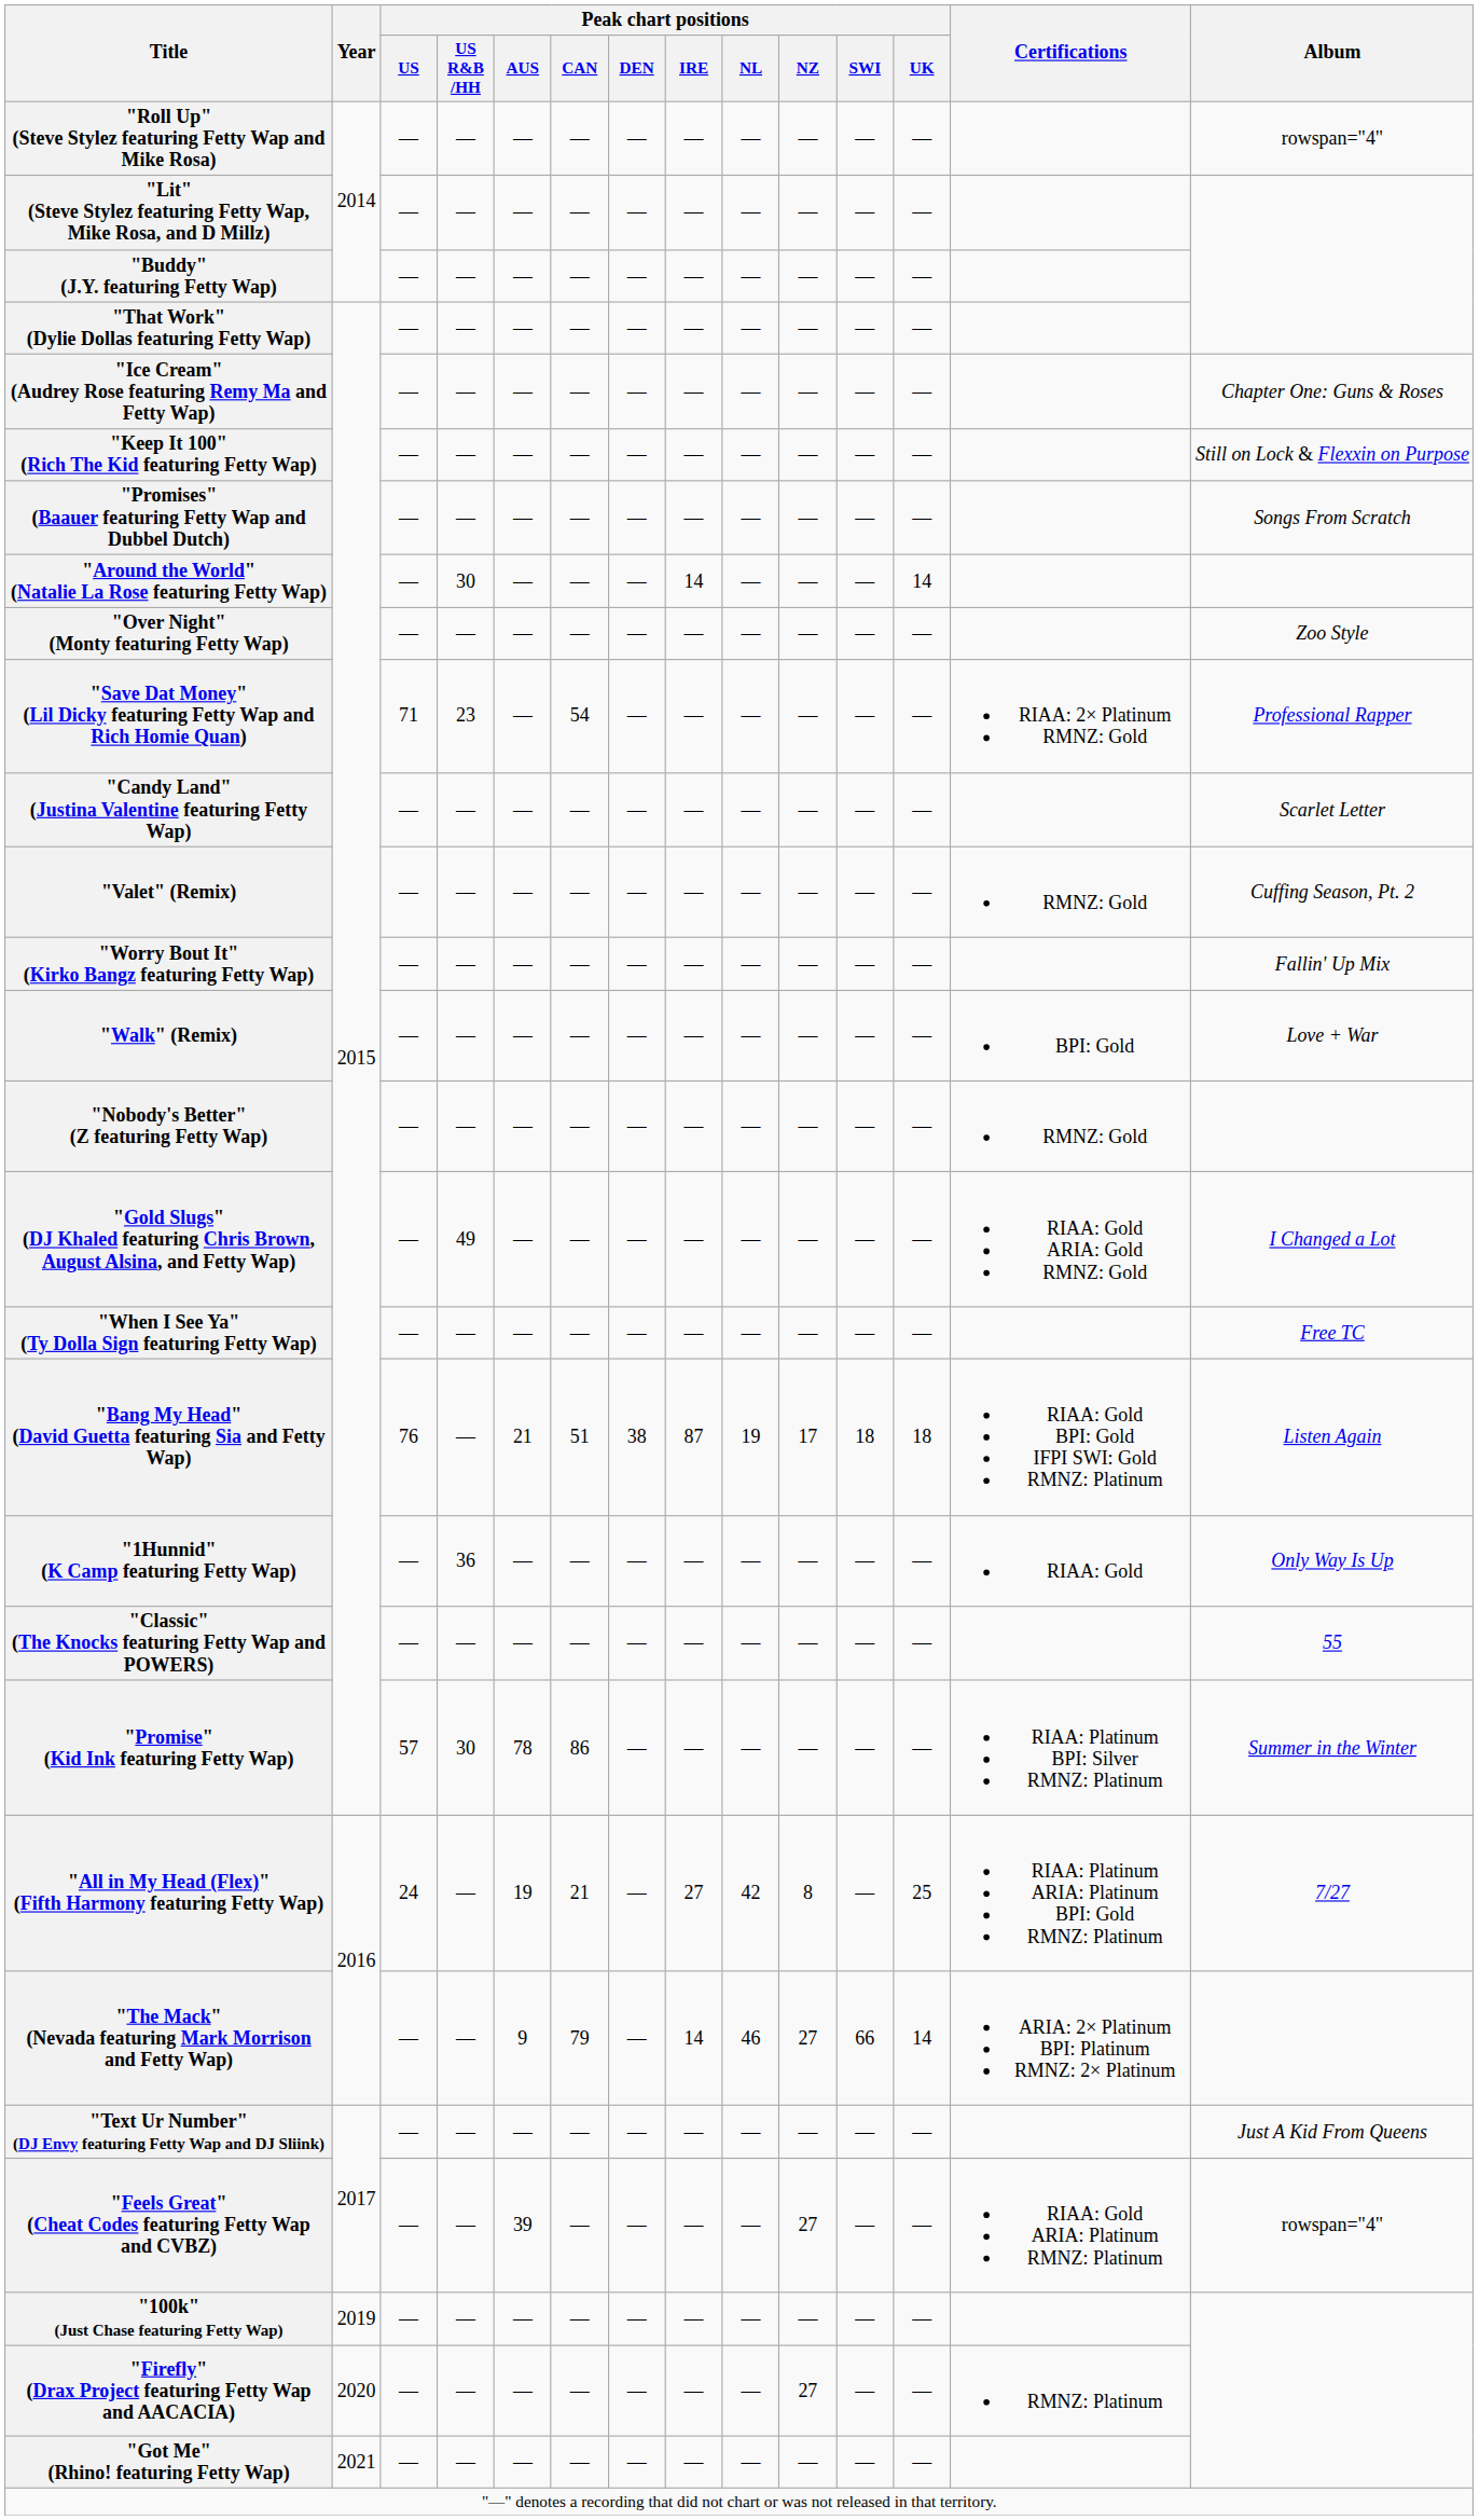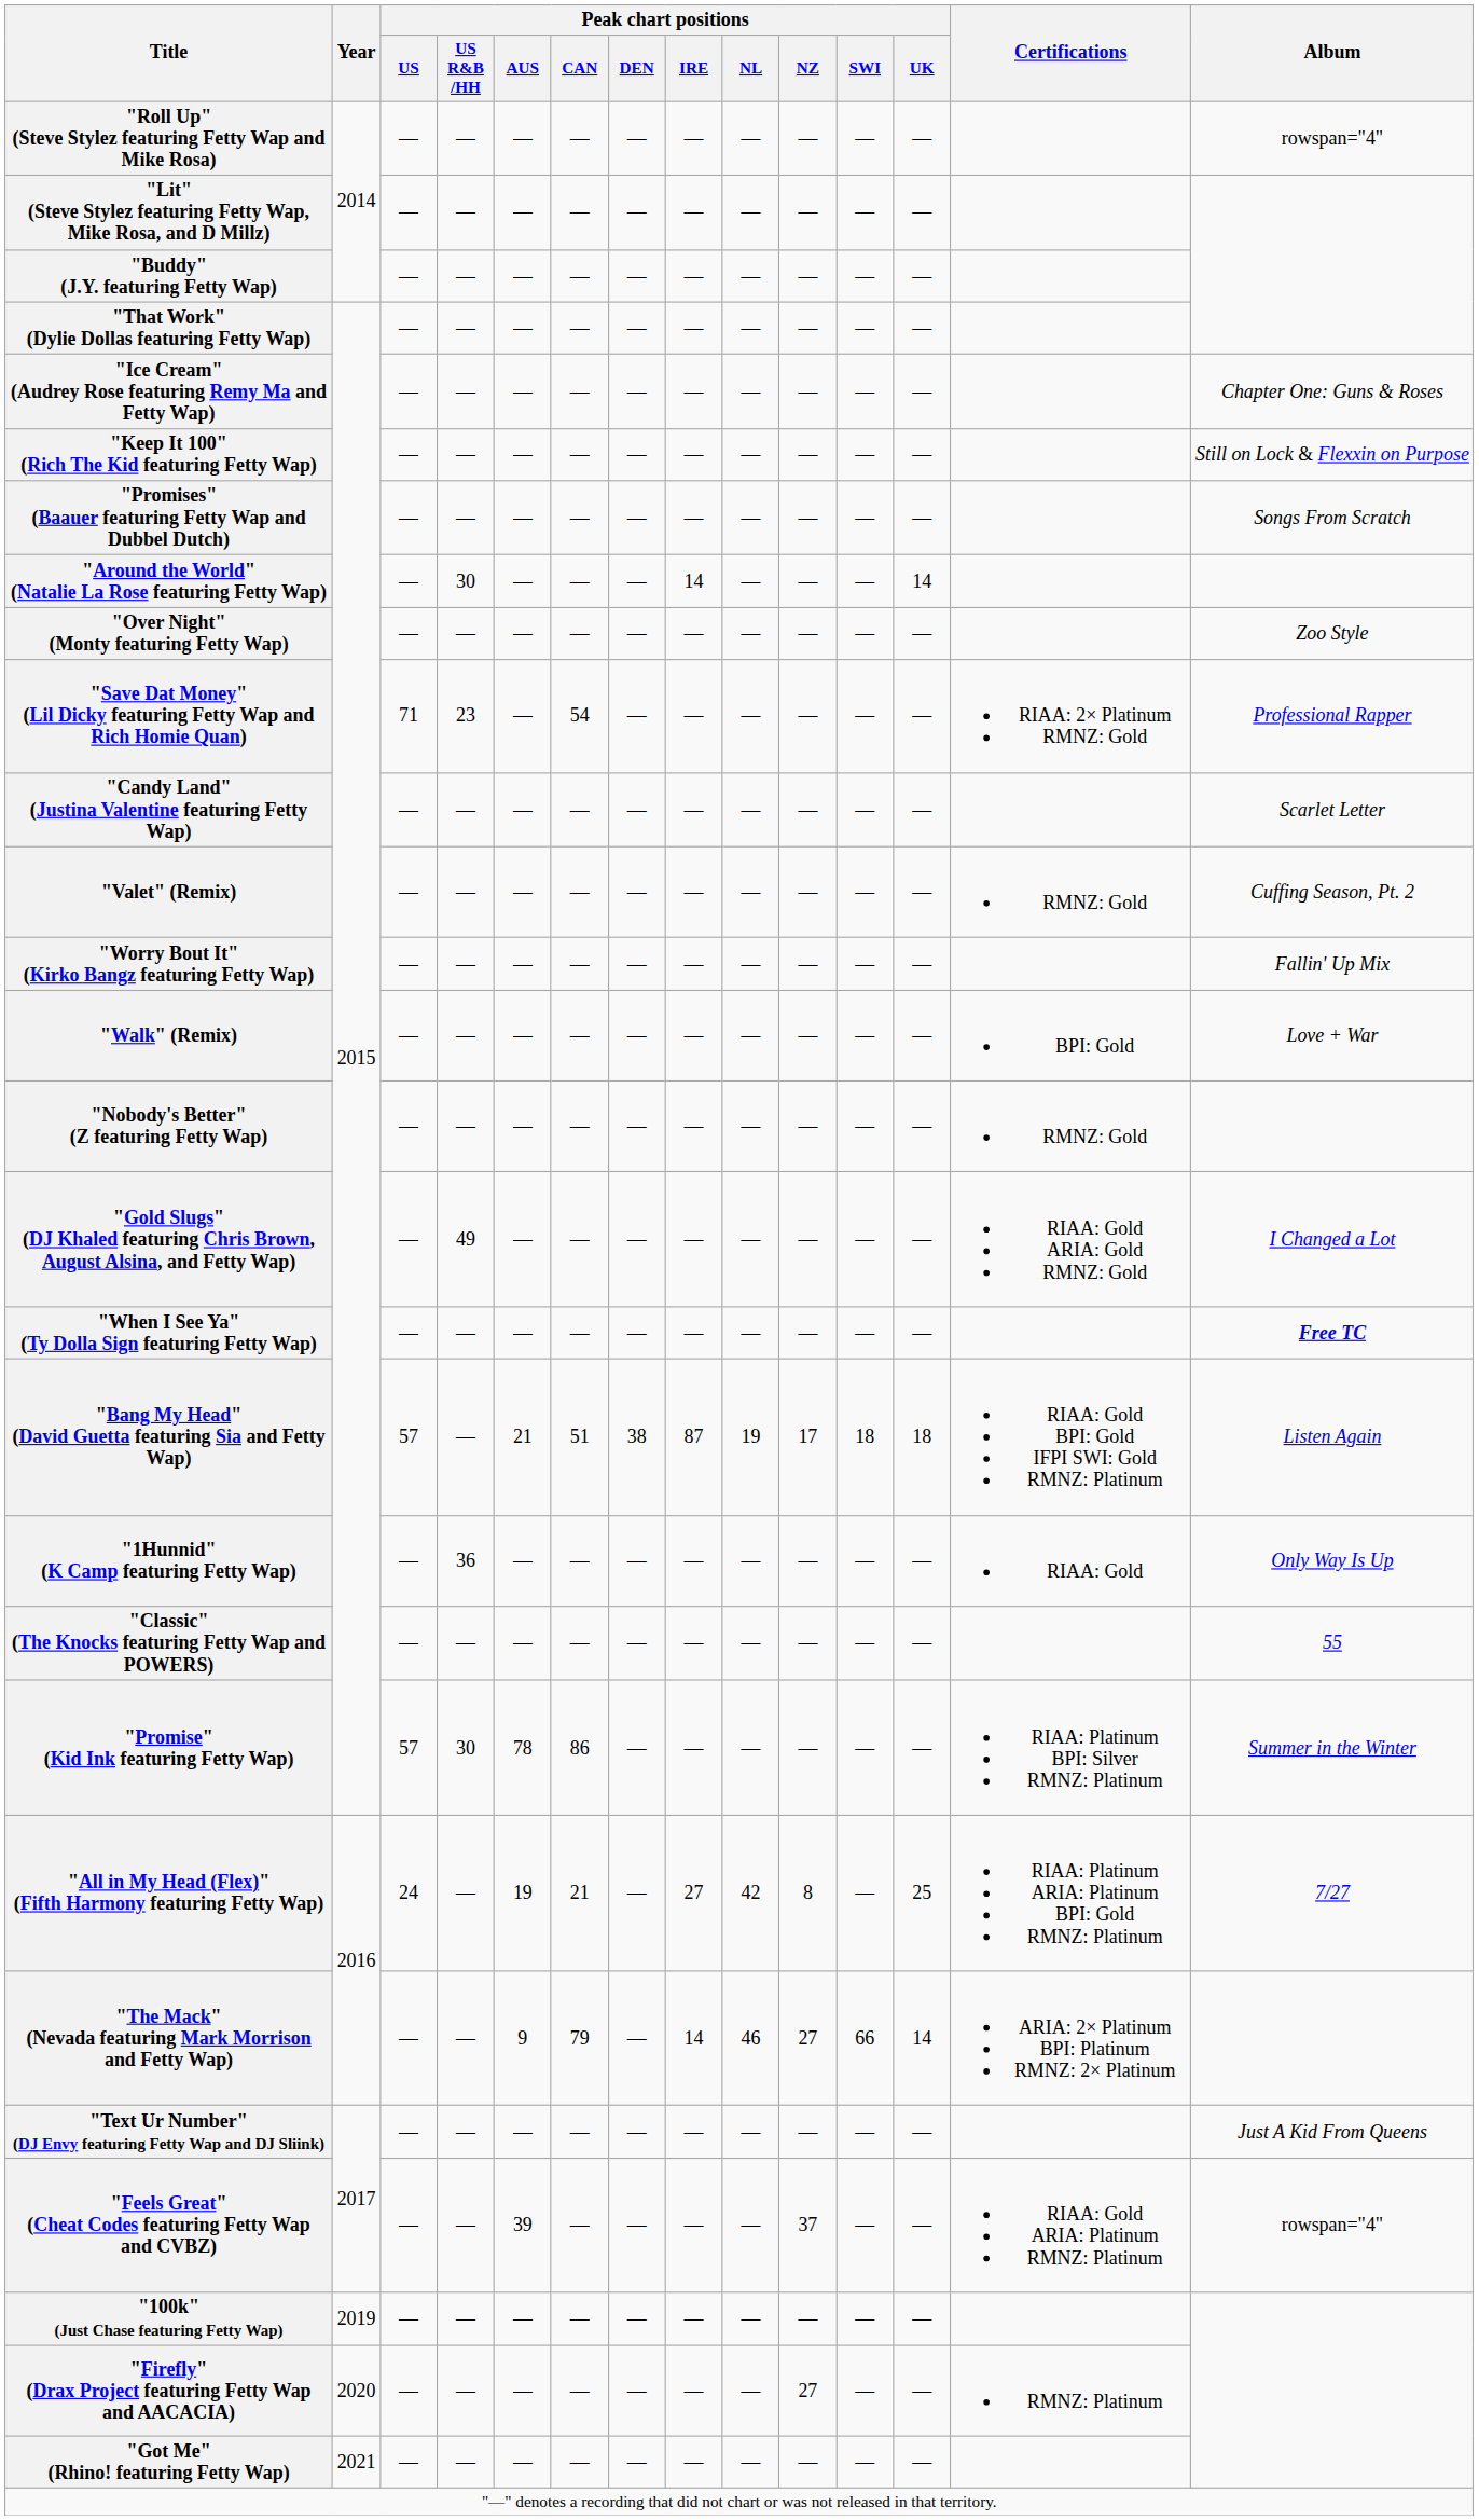 <table class="wikitable plainrowheaders" style="text-align:center;">
 <tr>
 <th scope="col" rowspan="2" style="width:16.5em">Title</th>
 <th scope="col" rowspan="2" style="width:1em">Year</th>
 <th scope="col" colspan="10">Peak chart positions</th>
 <th scope="col" rowspan="2" style="width:12em;"><a href='#'>Certifications</a></th>
 <th scope="col" rowspan="2">Album</th>
 </tr>
 <tr>
 <th scope="col" style="width:3em;font-size:85%;"><a href='#'>US</a><br></th>
 <th scope="col" style="width:3em;font-size:85%;"><a href='#'>US<br>R&B<br>/HH</a><br></th>
 <th scope="col" style="width:3em;font-size:85%;"><a href='#'>AUS</a><br></th>
 <th scope="col" style="width:3em;font-size:85%;"><a href='#'>CAN</a><br></th>
 <th scope="col" style="width:3em;font-size:85%;"><a href='#'>DEN</a><br></th>
 <th scope="col" style="width:3em;font-size:85%;"><a href='#'>IRE</a><br></th>
 <th scope="col" style="width:3em;font-size:85%;"><a href='#'>NL</a><br></th>
 <th scope="col" style="width:3em;font-size:85%;"><a href='#'>NZ</a><br></th>
 <th scope="col" style="width:3em;font-size:85%;"><a href='#'>SWI</a><br></th>
 <th scope="col" style="width:3em;font-size:85%;"><a href='#'>UK</a><br></th>
 </tr>
 <tr>
 <th scope="row">"Roll Up"<br><span>(Steve Stylez featuring Fetty Wap and Mike Rosa)</span></th>
 <td rowspan="3">2014</td>
 <td>—</td>
 <td>—</td>
 <td>—</td>
 <td>—</td>
 <td>—</td>
 <td>—</td>
 <td>—</td>
 <td>—</td>
 <td>—</td>
 <td>—</td>
 <td></td>
 <td>rowspan="4" </td>
 </tr>
 <tr>
 <th scope="row">"Lit"<br><span>(Steve Stylez featuring Fetty Wap, Mike Rosa, and D Millz)</span></th>
 <td>—</td>
 <td>—</td>
 <td>—</td>
 <td>—</td>
 <td>—</td>
 <td>—</td>
 <td>—</td>
 <td>—</td>
 <td>—</td>
 <td>—</td>
 <td></td>
 </tr>
 <tr>
 <th scope="row">"Buddy"<br><span>(J.Y. featuring Fetty Wap)</span></th>
 <td>—</td>
 <td>—</td>
 <td>—</td>
 <td>—</td>
 <td>—</td>
 <td>—</td>
 <td>—</td>
 <td>—</td>
 <td>—</td>
 <td>—</td>
 <td></td>
 </tr>
 <tr>
 <th scope="row">"That Work"<br><span>(Dylie Dollas featuring Fetty Wap)</span></th>
 <td rowspan="18">2015</td>
 <td>—</td>
 <td>—</td>
 <td>—</td>
 <td>—</td>
 <td>—</td>
 <td>—</td>
 <td>—</td>
 <td>—</td>
 <td>—</td>
 <td>—</td>
 <td></td>
 </tr>
 <tr>
 <th scope="row">"Ice Cream"<br><span>(Audrey Rose featuring <a href='#'>Remy Ma</a> and Fetty Wap)</span></th>
 <td>—</td>
 <td>—</td>
 <td>—</td>
 <td>—</td>
 <td>—</td>
 <td>—</td>
 <td>—</td>
 <td>—</td>
 <td>—</td>
 <td>—</td>
 <td></td>
 <td><em>Chapter One: Guns & Roses</em></td>
 </tr>
 <tr>
 <th scope="row">"Keep It 100"<br><span>(<a href='#'>Rich The Kid</a> featuring Fetty Wap)</span></th>
 <td>—</td>
 <td>—</td>
 <td>—</td>
 <td>—</td>
 <td>—</td>
 <td>—</td>
 <td>—</td>
 <td>—</td>
 <td>—</td>
 <td>—</td>
 <td></td>
 <td><em>Still on Lock</em> & <em><a href='#'>Flexxin on Purpose</a></em></td>
 </tr>
 <tr>
 <th scope="row">"Promises"<br><span>(<a href='#'>Baauer</a> featuring Fetty Wap and Dubbel Dutch)</span></th>
 <td>—</td>
 <td>—</td>
 <td>—</td>
 <td>—</td>
 <td>—</td>
 <td>—</td>
 <td>—</td>
 <td>—</td>
 <td>—</td>
 <td>—</td>
 <td></td>
 <td><em>Songs From Scratch</em></td>
 </tr>
 <tr>
 <th scope="row">"<a href='#'>Around the World</a>"<br><span>(<a href='#'>Natalie La Rose</a> featuring Fetty Wap)</span></th>
 <td>—</td>
 <td>30</td>
 <td>—</td>
 <td>—</td>
 <td>—</td>
 <td>14</td>
 <td>—</td>
 <td>—</td>
 <td>—</td>
 <td>14</td>
 <td></td>
 <td></td>
 </tr>
 <tr>
 <th scope="row">"Over Night"<br><span>(Monty featuring Fetty Wap)</span></th>
 <td>—</td>
 <td>—</td>
 <td>—</td>
 <td>—</td>
 <td>—</td>
 <td>—</td>
 <td>—</td>
 <td>—</td>
 <td>—</td>
 <td>—</td>
 <td></td>
 <td><em>Zoo Style</em></td>
 </tr>
 <tr>
 <th scope="row">"<a href='#'>Save Dat Money</a>"<br><span>(<a href='#'>Lil Dicky</a> featuring Fetty Wap and <a href='#'>Rich Homie Quan</a>)</span></th>
 <td>71</td>
 <td>23</td>
 <td>—</td>
 <td>54</td>
 <td>—</td>
 <td>—</td>
 <td>—</td>
 <td>—</td>
 <td>—</td>
 <td>—</td>
 <td><br><ul><li>RIAA: 2× Platinum</li><li>RMNZ: Gold</li></ul></td>
 <td><em><a href='#'>Professional Rapper</a></em></td>
 </tr>
 <tr>
 <th scope="row">"Candy Land"<br><span>(<a href='#'>Justina Valentine</a> featuring Fetty Wap)</span></th>
 <td>—</td>
 <td>—</td>
 <td>—</td>
 <td>—</td>
 <td>—</td>
 <td>—</td>
 <td>—</td>
 <td>—</td>
 <td>—</td>
 <td>—</td>
 <td></td>
 <td><em>Scarlet Letter</em></td>
 </tr>
 <tr>
 <th scope="row">"Valet" (Remix)<br></th>
 <td>—</td>
 <td>—</td>
 <td>—</td>
 <td>—</td>
 <td>—</td>
 <td>—</td>
 <td>—</td>
 <td>—</td>
 <td>—</td>
 <td>—</td>
 <td><br><ul><li>RMNZ: Gold</li></ul></td>
 <td><em> Cuffing Season, Pt. 2</em></td>
 </tr>
 <tr>
 <th scope="row">"Worry Bout It"<br><span>(<a href='#'>Kirko Bangz</a> featuring Fetty Wap)</span></th>
 <td>—</td>
 <td>—</td>
 <td>—</td>
 <td>—</td>
 <td>—</td>
 <td>—</td>
 <td>—</td>
 <td>—</td>
 <td>—</td>
 <td>—</td>
 <td></td>
 <td><em>Fallin' Up Mix</em></td>
 </tr>
 <tr>
 <th scope="row">"<a href='#'>Walk</a>" (Remix)<br></th>
 <td>—</td>
 <td>—</td>
 <td>—</td>
 <td>—</td>
 <td>—</td>
 <td>—</td>
 <td>—</td>
 <td>—</td>
 <td>—</td>
 <td>—</td>
 <td><br><ul><li>BPI: Gold</li></ul></td>
 <td><em>Love + War</em></td>
 </tr>
 <tr>
 <th scope="row">"Nobody's Better"<br><span>(Z featuring Fetty Wap)</span></th>
 <td>—</td>
 <td>—</td>
 <td>—</td>
 <td>—</td>
 <td>—</td>
 <td>—</td>
 <td>—</td>
 <td>—</td>
 <td>—</td>
 <td>—</td>
 <td><br><ul><li>RMNZ: Gold</li></ul></td>
 <td></td>
 </tr>
 <tr>
 <th scope="row">"<a href='#'>Gold Slugs</a>"<br><span>(<a href='#'>DJ Khaled</a> featuring <a href='#'>Chris Brown</a>, <a href='#'>August Alsina</a>, and Fetty Wap)</span></th>
 <td>—</td>
 <td>49</td>
 <td>—</td>
 <td>—</td>
 <td>—</td>
 <td>—</td>
 <td>—</td>
 <td>—</td>
 <td>—</td>
 <td>—</td>
 <td><br><ul><li>RIAA: Gold</li><li>ARIA: Gold</li><li>RMNZ: Gold</li></ul></td>
 <td><em><a href='#'>I Changed a Lot</a></em></td>
 </tr>
 <tr>
 <th scope="row">"When I See Ya"<br><span>(<a href='#'>Ty Dolla Sign</a> featuring Fetty Wap)</span></th>
 <td>—</td>
 <td>—</td>
 <td>—</td>
 <td>—</td>
 <td>—</td>
 <td>—</td>
 <td>—</td>
 <td>—</td>
 <td>—</td>
 <td>—</td>
 <td></td>
-<td><em><a href='#'>Free TC</a></em></td>
+<td><strong><em><a href='#'>Free TC</a></em></strong></td>
 </tr>
 <tr>
 <th scope="row">"<a href='#'>Bang My Head</a>"<br><span>(<a href='#'>David Guetta</a> featuring <a href='#'>Sia</a> and Fetty Wap)</span></th>
-<td>76</td>
+<td>57</td>
 <td>—</td>
 <td>21</td>
 <td>51</td>
 <td>38</td>
 <td>87</td>
 <td>19</td>
 <td>17</td>
 <td>18</td>
 <td>18</td>
 <td><br><ul><li>RIAA: Gold</li><li>BPI: Gold</li><li>IFPI SWI: Gold</li><li>RMNZ: Platinum</li></ul></td>
 <td><em><a href='#'>Listen Again</a></em></td>
 </tr>
 <tr>
 <th scope="row">"1Hunnid"<br><span>(<a href='#'>K Camp</a> featuring Fetty Wap)</span></th>
 <td>—</td>
 <td>36</td>
 <td>—</td>
 <td>—</td>
 <td>—</td>
 <td>—</td>
 <td>—</td>
 <td>—</td>
 <td>—</td>
 <td>—</td>
 <td><br><ul><li>RIAA: Gold</li></ul></td>
 <td><em><a href='#'>Only Way Is Up</a></em></td>
 </tr>
 <tr>
 <th scope="row">"Classic"<br><span>(<a href='#'>The Knocks</a> featuring Fetty Wap and POWERS)</span></th>
 <td>—</td>
 <td>—</td>
 <td>—</td>
 <td>—</td>
 <td>—</td>
 <td>—</td>
 <td>—</td>
 <td>—</td>
 <td>—</td>
 <td>—</td>
 <td></td>
 <td><em><a href='#'>55</a></em></td>
 </tr>
 <tr>
 <th scope="row">"<a href='#'>Promise</a>"<br><span>(<a href='#'>Kid Ink</a> featuring Fetty Wap)</span></th>
 <td>57</td>
 <td>30</td>
 <td>78</td>
 <td>86</td>
 <td>—</td>
 <td>—</td>
 <td>—</td>
 <td>—</td>
 <td>—</td>
 <td>—</td>
 <td><br><ul><li>RIAA: Platinum</li><li>BPI: Silver</li><li>RMNZ: Platinum</li></ul></td>
 <td><em><a href='#'>Summer in the Winter</a></em></td>
 </tr>
 <tr>
 <th scope="row">"<a href='#'>All in My Head (Flex)</a>"<br><span>(<a href='#'>Fifth Harmony</a> featuring Fetty Wap)</span></th>
 <td rowspan="2">2016</td>
 <td>24<br></td>
 <td>—</td>
 <td>19</td>
 <td>21</td>
 <td>—</td>
 <td>27</td>
 <td>42</td>
 <td>8</td>
 <td>—</td>
 <td>25</td>
 <td><br><ul><li>RIAA: Platinum</li><li>ARIA: Platinum</li><li>BPI: Gold</li><li>RMNZ: Platinum</li></ul></td>
 <td><em><a href='#'>7/27</a></em></td>
 </tr>
 <tr>
 <th scope="row">"<a href='#'>The Mack</a>"<br><span>(Nevada featuring <a href='#'>Mark Morrison</a> and Fetty Wap)</span></th>
 <td>—</td>
 <td>—</td>
 <td>9</td>
 <td>79</td>
 <td>—</td>
 <td>14</td>
 <td>46</td>
 <td>27<br></td>
 <td>66</td>
 <td>14</td>
 <td><br><ul><li>ARIA: 2× Platinum</li><li>BPI: Platinum</li><li>RMNZ: 2× Platinum</li></ul></td>
 <td></td>
 </tr>
 <tr>
 <th scope="row">"Text Ur Number"<br><small>(<a href='#'>DJ Envy</a> featuring Fetty Wap and DJ Sliink)</small></th>
 <td rowspan="2">2017</td>
 <td>—</td>
 <td>—</td>
 <td>—</td>
 <td>—</td>
 <td>—</td>
 <td>—</td>
 <td>—</td>
 <td>—</td>
 <td>—</td>
 <td>—</td>
 <td></td>
 <td><em>Just A Kid From Queens</em></td>
 </tr>
 <tr>
 <th scope="row">"<a href='#'>Feels Great</a>" <br><span>(<a href='#'>Cheat Codes</a> featuring Fetty Wap and CVBZ)</span></th>
 <td>—</td>
 <td>—</td>
 <td>39</td>
 <td>—</td>
 <td>—</td>
 <td>—</td>
 <td>—</td>
-<td>27<br></td>
+<td>37</td>
 <td>—</td>
 <td>—</td>
 <td><br><ul><li>RIAA: Gold</li><li>ARIA: Platinum</li><li>RMNZ: Platinum</li></ul></td>
 <td>rowspan="4" </td>
 </tr>
 <tr>
 <th scope="row">"100k"<br><small>(Just Chase featuring Fetty Wap)</small></th>
 <td>2019</td>
 <td>—</td>
 <td>—</td>
 <td>—</td>
 <td>—</td>
 <td>—</td>
 <td>—</td>
 <td>—</td>
 <td>—</td>
 <td>—</td>
 <td>—</td>
 <td></td>
 </tr>
 <tr>
 <th scope="row">"<a href='#'>Firefly</a>"<br><span>(<a href='#'>Drax Project</a> featuring Fetty Wap and AACACIA)</span></th>
 <td>2020</td>
 <td>—</td>
 <td>—</td>
 <td>—</td>
 <td>—</td>
 <td>—</td>
 <td>—</td>
 <td>—</td>
 <td>27<br></td>
 <td>—</td>
 <td>—</td>
 <td><br><ul><li>RMNZ: Platinum</li></ul></td>
 </tr>
 <tr>
 <th scope="row">"Got Me"<br><span>(Rhino! featuring Fetty Wap)</span></th>
 <td>2021</td>
 <td>—</td>
 <td>—</td>
 <td>—</td>
 <td>—</td>
 <td>—</td>
 <td>—</td>
 <td>—</td>
 <td>—</td>
 <td>—</td>
 <td>—</td>
 <td></td>
 </tr>
 <tr>
 <td colspan="15" style="font-size:85%">"—" denotes a recording that did not chart or was not released in that territory.</td>
 </tr>
 </table>
